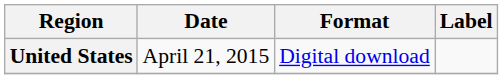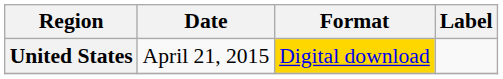 <table class="wikitable plainrowheaders">
 <tr>
 <th>Region</th>
 <th>Date</th>
 <th>Format</th>
 <th>Label</th>
 </tr>
 <tr>
 <th scope="row">United States</th>
 <td>April 21, 2015</td>
-<td><a href='#'>Digital download</a></td>
+<td style="background: gold;"><a href='#'>Digital download</a></td>
 <td></td>
 </tr>
 <tr>
 </tr>
 </table>
